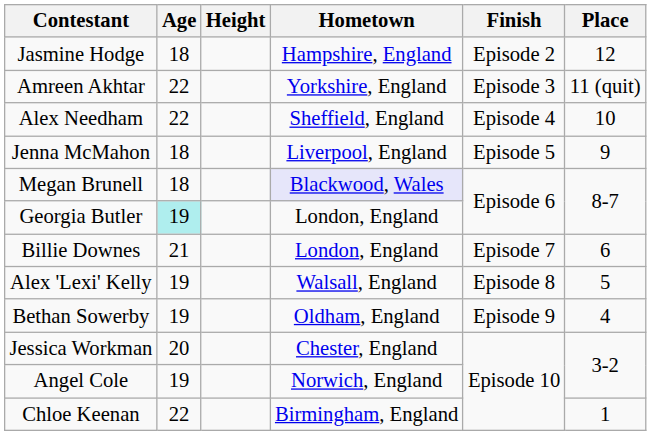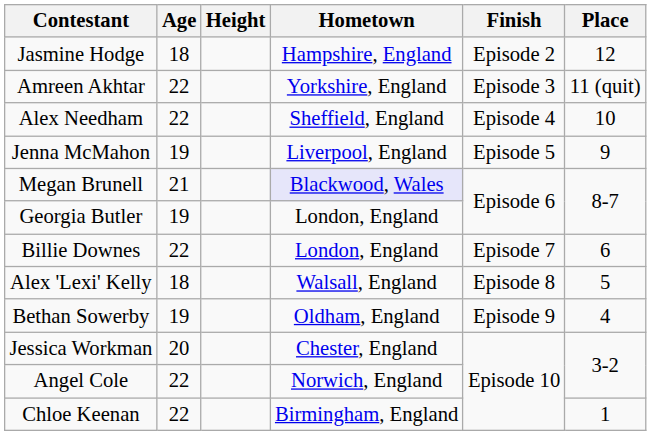 <table class="wikitable sortable" style="text-align:center;">
 <tr>
 <th>Contestant</th>
 <th>Age</th>
 <th>Height</th>
 <th>Hometown</th>
 <th>Finish</th>
 <th>Place</th>
 </tr>
 <tr>
 <td>Jasmine Hodge</td>
 <td>18</td>
 <td></td>
 <td><a href='#'>Hampshire</a>, <a href='#'>England</a></td>
 <td>Episode 2</td>
 <td>12</td>
 </tr>
 <tr>
 <td>Amreen Akhtar</td>
 <td>22</td>
 <td></td>
 <td><a href='#'>Yorkshire</a>, England</td>
 <td>Episode 3</td>
 <td>11 (quit)</td>
 </tr>
 <tr>
 <td>Alex Needham</td>
 <td>22</td>
 <td></td>
 <td><a href='#'>Sheffield</a>, England</td>
 <td>Episode 4</td>
 <td>10</td>
 </tr>
 <tr>
 <td>Jenna McMahon</td>
-<td>18</td>
+<td>19</td>
 <td></td>
 <td><a href='#'>Liverpool</a>, England</td>
 <td>Episode 5</td>
 <td>9</td>
 </tr>
 <tr>
 <td>Megan Brunell</td>
-<td>18</td>
+<td>21</td>
 <td></td>
 <td style="background: lavender;"><a href='#'>Blackwood</a>, <a href='#'>Wales</a></td>
 <td rowspan="2">Episode 6</td>
 <td rowspan="2">8-7</td>
 </tr>
 <tr>
 <td>Georgia Butler</td>
-<td style="background: paleturquoise;">19</td>
+<td>19</td>
 <td></td>
 <td>London, England</td>
 </tr>
 <tr>
 <td>Billie Downes</td>
-<td>21</td>
+<td>22</td>
 <td></td>
 <td><a href='#'>London</a>, England</td>
 <td>Episode 7</td>
 <td>6</td>
 </tr>
 <tr>
 <td>Alex 'Lexi' Kelly</td>
-<td>19</td>
+<td>18</td>
 <td></td>
 <td><a href='#'>Walsall</a>, England</td>
 <td>Episode 8</td>
 <td>5</td>
 </tr>
 <tr>
 <td>Bethan Sowerby</td>
 <td>19</td>
 <td></td>
 <td><a href='#'>Oldham</a>, England</td>
 <td>Episode 9</td>
 <td>4</td>
 </tr>
 <tr>
 <td>Jessica Workman</td>
 <td>20</td>
 <td></td>
 <td><a href='#'>Chester</a>, England</td>
 <td rowspan="3">Episode 10</td>
 <td rowspan="2">3-2</td>
 </tr>
 <tr>
 <td>Angel Cole</td>
-<td>19</td>
+<td>22</td>
 <td></td>
 <td><a href='#'>Norwich</a>, England</td>
 </tr>
 <tr>
 <td>Chloe Keenan</td>
 <td>22</td>
 <td></td>
 <td><a href='#'>Birmingham</a>, England</td>
 <td>1</td>
 </tr>
 </table>
